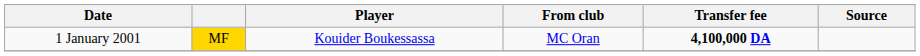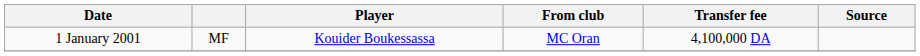 <table class="wikitable sortable" style="width:70%; text-align:center; font-size:85%; text-align:centre;">
 <tr>
 <th>Date</th>
 <th></th>
 <th>Player</th>
 <th>From club</th>
 <th>Transfer fee</th>
 <th>Source</th>
 </tr>
 <tr>
 <td>1 January 2001</td>
-<td style="background: gold;">MF</td>
+<td>MF</td>
 <td> <a href='#'>Kouider Boukessassa</a></td>
 <td><a href='#'>MC Oran</a></td>
-<td><strong>4,100,000 <a href='#'>DA</a></strong></td>
+<td>4,100,000 <a href='#'>DA</a></td>
 <td></td>
 </tr>
 <tr>
 </tr>
 </table>
